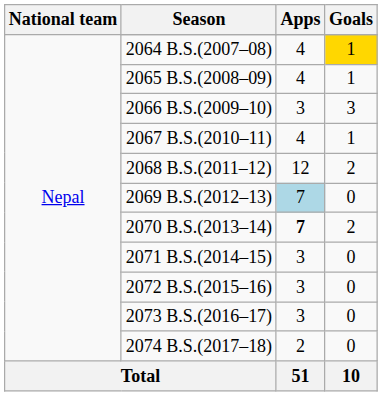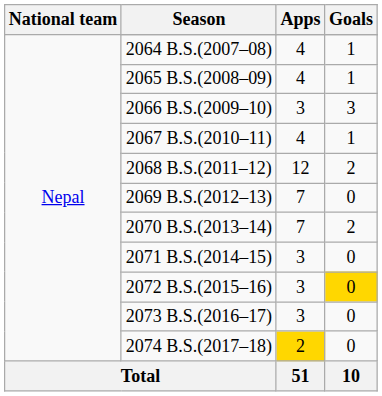 <table class="wikitable" style="font-size:90%; text-align:center;">
 <tr>
 <th>National team</th>
 <th>Season</th>
 <th>Apps</th>
 <th>Goals</th>
 </tr>
 <tr>
 <td rowspan="12"><a href='#'>Nepal</a></td>
 </tr>
 <tr>
 <td>2064 B.S.(2007–08)</td>
 <td>4</td>
-<td style="background: gold;">1</td>
+<td>1</td>
 </tr>
 <tr>
 <td>2065 B.S.(2008–09)</td>
 <td>4</td>
 <td>1</td>
 </tr>
 <tr>
 <td>2066 B.S.(2009–10)</td>
 <td>3</td>
 <td>3</td>
 </tr>
 <tr>
 <td>2067 B.S.(2010–11)</td>
 <td>4</td>
 <td>1</td>
 </tr>
 <tr>
 <td>2068 B.S.(2011–12)</td>
 <td>12</td>
 <td>2</td>
 </tr>
 <tr>
 <td>2069 B.S.(2012–13)</td>
-<td style="background: lightblue;">7</td>
+<td>7</td>
 <td>0</td>
 </tr>
 <tr>
 <td>2070 B.S.(2013–14)</td>
-<td><strong>7</strong></td>
+<td>7</td>
 <td>2</td>
 </tr>
 <tr>
 <td>2071 B.S.(2014–15)</td>
 <td>3</td>
 <td>0</td>
 </tr>
 <tr>
 <td>2072 B.S.(2015–16)</td>
 <td>3</td>
-<td>0</td>
+<td style="background: gold;">0</td>
 </tr>
 <tr>
 <td>2073 B.S.(2016–17)</td>
 <td>3</td>
 <td>0</td>
 </tr>
 <tr>
 <td>2074 B.S.(2017–18)</td>
-<td>2</td>
+<td style="background: gold;">2</td>
 <td>0</td>
 </tr>
 <tr>
 <th colspan=2>Total</th>
 <th>51</th>
 <th>10</th>
 </tr>
 </table>
